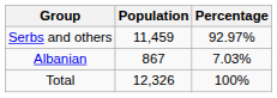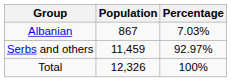 <table class="wikitable" style="border-spacing: 1px;  text-align:center; align:right">
 <tr>
 <th>Group</th>
 <th>Population</th>
 <th>Percentage</th>
 </tr>
 <tr>
+<td><a href='#'>Albanian</a></td>
+<td>867</td>
+<td>7.03%</td>
+</tr>
+<tr>
 <td><a href='#'>Serbs</a> and others</td>
 <td>11,459</td>
 <td>92.97%</td>
-</tr>
-<tr>
-<td><a href='#'>Albanian</a></td>
-<td>867</td>
-<td>7.03%</td>
 </tr>
 <tr>
 <td>Total</td>
 <td>12,326</td>
 <td>100%</td>
 </tr>
 </table>
